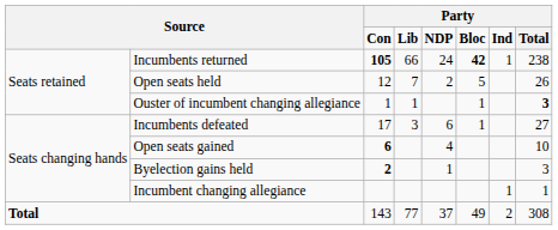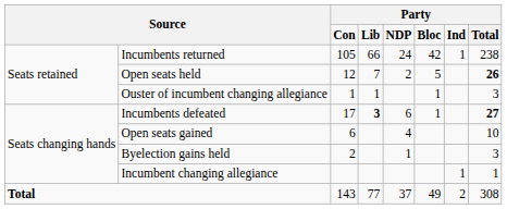 <table class="wikitable" style="text-align:right;">
 <tr>
 <th colspan="2" rowspan="2">Source</th>
 <th colspan="6">Party</th>
 </tr>
 <tr>
 <td><strong>Con</strong></td>
 <td><strong>Lib</strong></td>
 <td><strong>NDP</strong></td>
 <td><strong>Bloc</strong></td>
 <td><strong>Ind</strong></td>
 <th>Total</th>
 </tr>
 <tr>
 <td rowspan="3" style="text-align:left;">Seats retained</td>
 <td style="text-align:left;">Incumbents returned</td>
-<td><strong>105</strong></td>
+<td>105</td>
 <td>66</td>
 <td>24</td>
-<td><strong>42</strong></td>
+<td>42</td>
 <td>1</td>
 <td>238</td>
 </tr>
 <tr>
 <td style="text-align:left;">Open seats held</td>
 <td>12</td>
 <td>7</td>
 <td>2</td>
 <td>5</td>
 <td></td>
-<td>26</td>
+<td><strong>26</strong></td>
 </tr>
 <tr>
 <td style="text-align:left;">Ouster of incumbent changing allegiance</td>
 <td>1</td>
 <td>1</td>
 <td></td>
 <td>1</td>
 <td></td>
-<td><strong>3</strong></td>
+<td>3</td>
 </tr>
 <tr>
 <td rowspan="4" style="text-align:left;">Seats changing hands</td>
 <td style="text-align:left;">Incumbents defeated</td>
 <td>17</td>
-<td>3</td>
+<td><strong>3</strong></td>
 <td>6</td>
 <td>1</td>
 <td></td>
-<td>27</td>
+<td><strong>27</strong></td>
 </tr>
 <tr>
 <td style="text-align:left;">Open seats gained</td>
-<td><strong>6</strong></td>
+<td>6</td>
 <td></td>
 <td>4</td>
 <td></td>
 <td></td>
 <td>10</td>
 </tr>
 <tr>
 <td style="text-align:left;">Byelection gains held</td>
-<td><strong>2</strong></td>
+<td>2</td>
 <td></td>
 <td>1</td>
 <td></td>
 <td></td>
 <td>3</td>
 </tr>
 <tr>
 <td style="text-align:left;">Incumbent changing allegiance</td>
 <td></td>
 <td></td>
 <td></td>
 <td></td>
 <td>1</td>
 <td>1</td>
 </tr>
 <tr>
 <td colspan="2" style="text-align:left;"><strong>Total</strong></td>
 <td>143</td>
 <td>77</td>
 <td>37</td>
 <td>49</td>
 <td>2</td>
 <td>308</td>
 </tr>
 </table>
